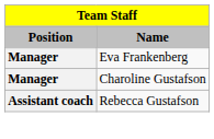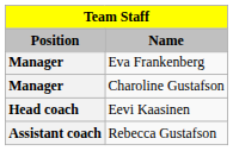 <table class="wikitable" style="text-align:left; font-size:90%;">
 <tr>
 <th style=background:Yellow colspan=2>Team Staff</th>
 </tr>
 <tr>
 <th style="background:silver;">Position</th>
 <th style="background:silver;">Name</th>
 </tr>
 <tr>
 <th style="text-align:left;">Manager</th>
 <td>Eva Frankenberg</td>
 </tr>
 <tr>
 <th style="text-align:left;">Manager</th>
 <td>Charoline Gustafson</td>
 </tr>
 <tr>
+<th style="text-align:left;">Head coach</th>
+<td>Eevi Kaasinen</td>
+</tr>
+<tr>
 <th style="text-align:left;">Assistant coach</th>
 <td>Rebecca Gustafson</td>
 </tr>
 </table>
